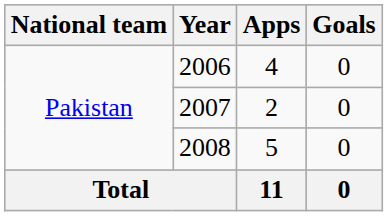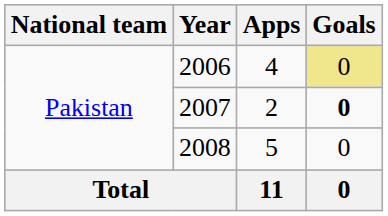 <table class="wikitable" style="text-align:center">
 <tr>
 <th>National team</th>
 <th>Year</th>
 <th>Apps</th>
 <th>Goals</th>
 </tr>
 <tr>
 <td rowspan="3"><a href='#'>Pakistan</a></td>
 <td>2006</td>
 <td>4</td>
-<td>0</td>
+<td style="background: khaki;">0</td>
 </tr>
 <tr>
 <td>2007</td>
 <td>2</td>
-<td>0</td>
+<td><strong>0</strong></td>
 </tr>
 <tr>
 <td>2008</td>
 <td>5</td>
 <td>0</td>
 </tr>
 <tr>
 <th colspan="2">Total</th>
 <th>11</th>
 <th>0</th>
 </tr>
 </table>
